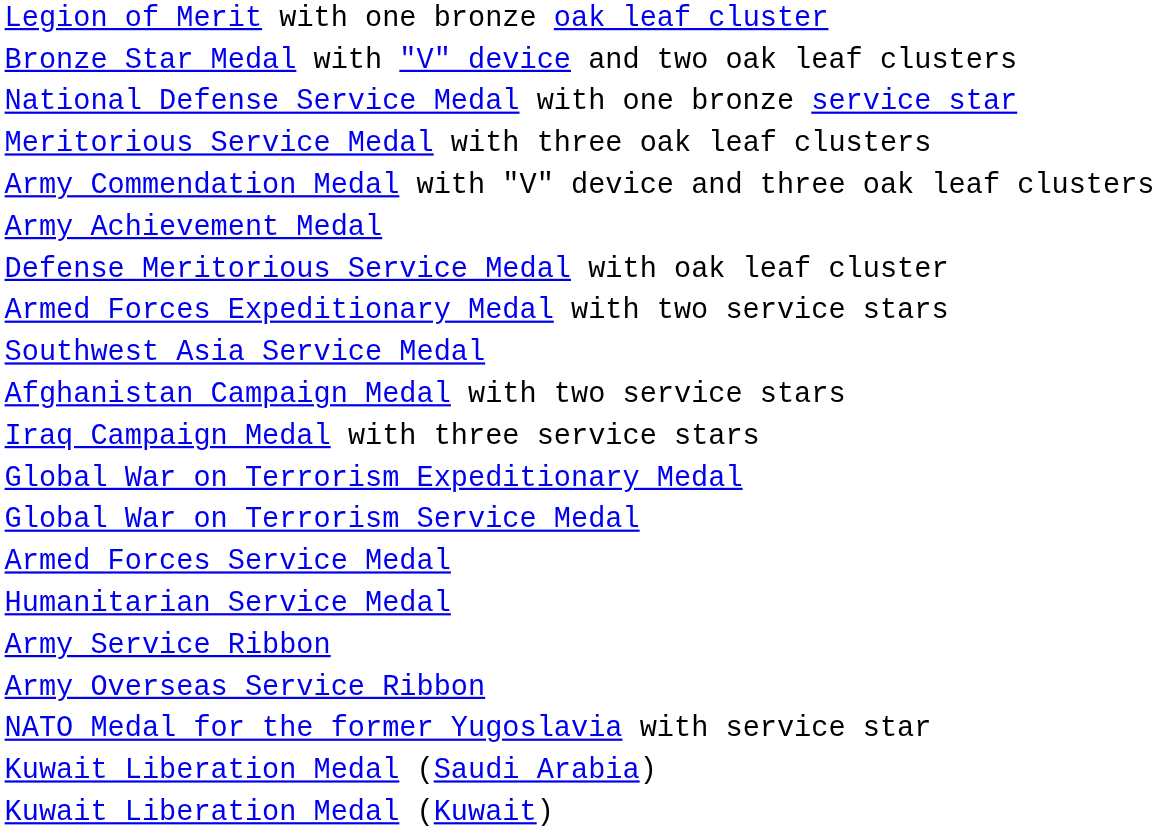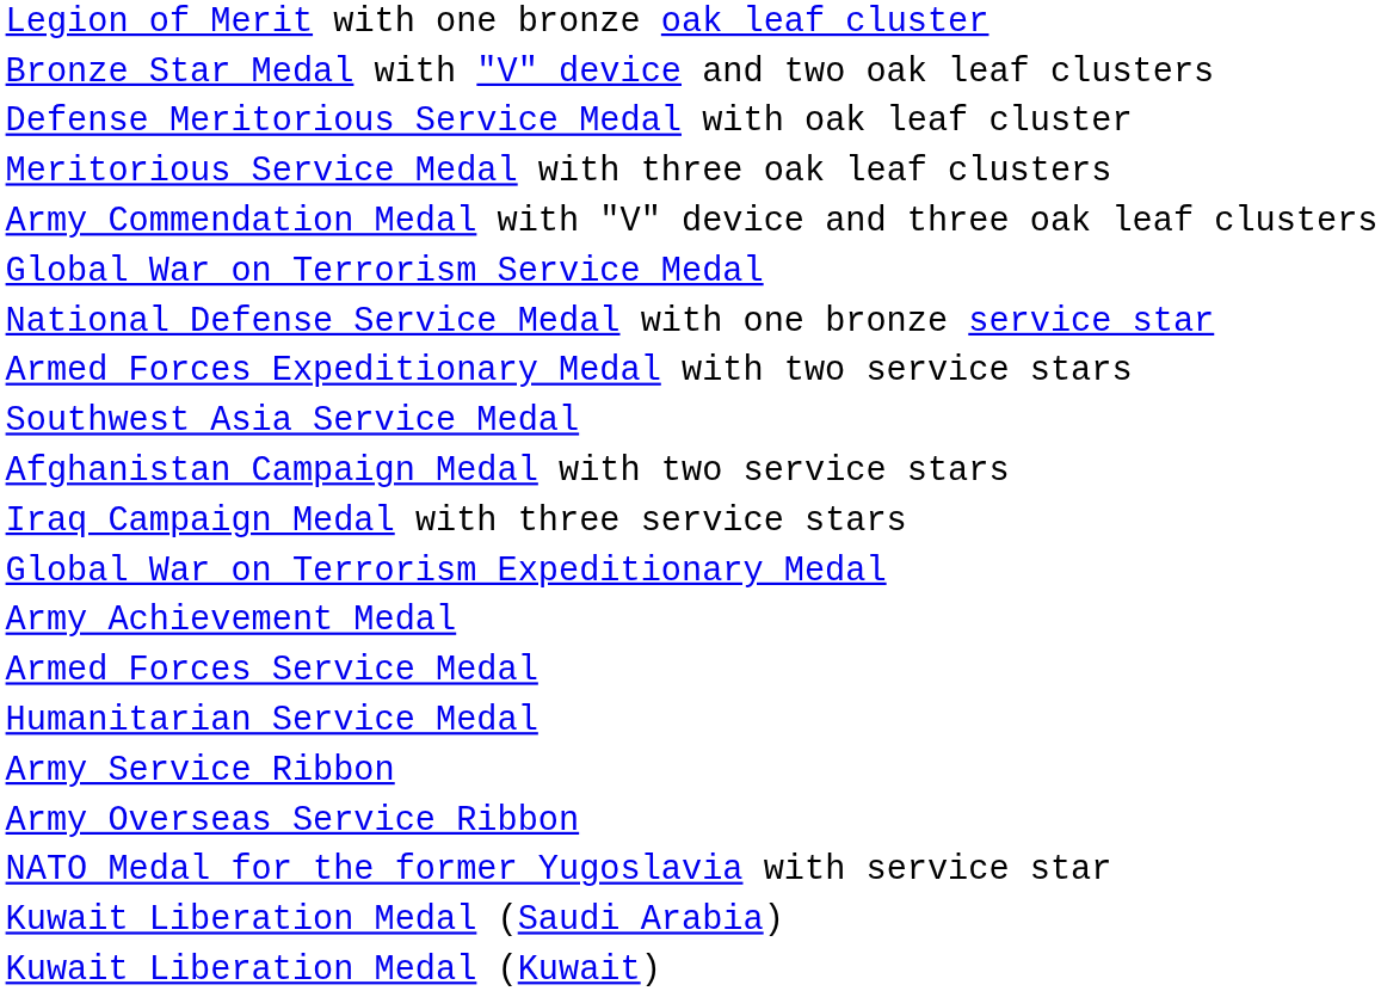 <table>
 <tr>
 <td> <a href='#'>Legion of Merit</a> with one bronze <a href='#'>oak leaf cluster</a></td>
 </tr>
 <tr>
 <td><span></span><span></span><span></span> <a href='#'>Bronze Star Medal</a> with <a href='#'>"V" device</a> and two oak leaf clusters</td>
 </tr>
 <tr>
-<td> <a href='#'>National Defense Service Medal</a> with one bronze <a href='#'>service star</a></td>
+<td> <a href='#'>Defense Meritorious Service Medal</a> with oak leaf cluster</td>
 </tr>
 <tr>
 <td><span></span><span></span><span></span> <a href='#'>Meritorious Service Medal</a> with three oak leaf clusters</td>
 </tr>
 <tr>
 <td><span></span><span></span><span></span><span></span> <a href='#'>Army Commendation Medal</a> with "V" device and three oak leaf clusters</td>
 </tr>
 <tr>
-<td> <a href='#'>Army Achievement Medal</a></td>
+<td> <a href='#'>Global War on Terrorism Service Medal</a></td>
 </tr>
 <tr>
-<td> <a href='#'>Defense Meritorious Service Medal</a> with oak leaf cluster</td>
+<td> <a href='#'>National Defense Service Medal</a> with one bronze <a href='#'>service star</a></td>
 </tr>
 <tr>
 <td> <a href='#'>Armed Forces Expeditionary Medal</a> with two service stars</td>
 </tr>
 <tr>
 <td> <a href='#'>Southwest Asia Service Medal</a></td>
 </tr>
 <tr>
 <td><span></span><span></span> <a href='#'>Afghanistan Campaign Medal</a> with two service stars</td>
 </tr>
 <tr>
 <td><span></span><span></span><span></span> <a href='#'>Iraq Campaign Medal</a> with three service stars</td>
 </tr>
 <tr>
 <td> <a href='#'>Global War on Terrorism Expeditionary Medal</a></td>
 </tr>
 <tr>
-<td> <a href='#'>Global War on Terrorism Service Medal</a></td>
+<td> <a href='#'>Army Achievement Medal</a></td>
 </tr>
 <tr>
 <td> <a href='#'>Armed Forces Service Medal</a></td>
 </tr>
 <tr>
 <td> <a href='#'>Humanitarian Service Medal</a></td>
 </tr>
 <tr>
 <td> <a href='#'>Army Service Ribbon</a></td>
 </tr>
 <tr>
 <td> <a href='#'>Army Overseas Service Ribbon</a></td>
 </tr>
 <tr>
 <td> <a href='#'>NATO Medal for the former Yugoslavia</a> with service star</td>
 </tr>
 <tr>
 <td> <a href='#'>Kuwait Liberation Medal</a> (<a href='#'>Saudi Arabia</a>)</td>
 </tr>
 <tr>
 <td> <a href='#'>Kuwait Liberation Medal</a> (<a href='#'>Kuwait</a>)</td>
 </tr>
 </table>
